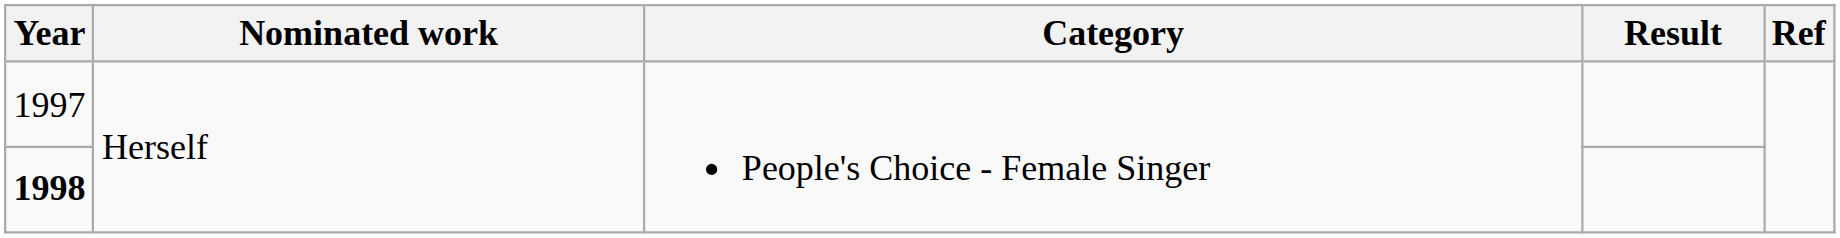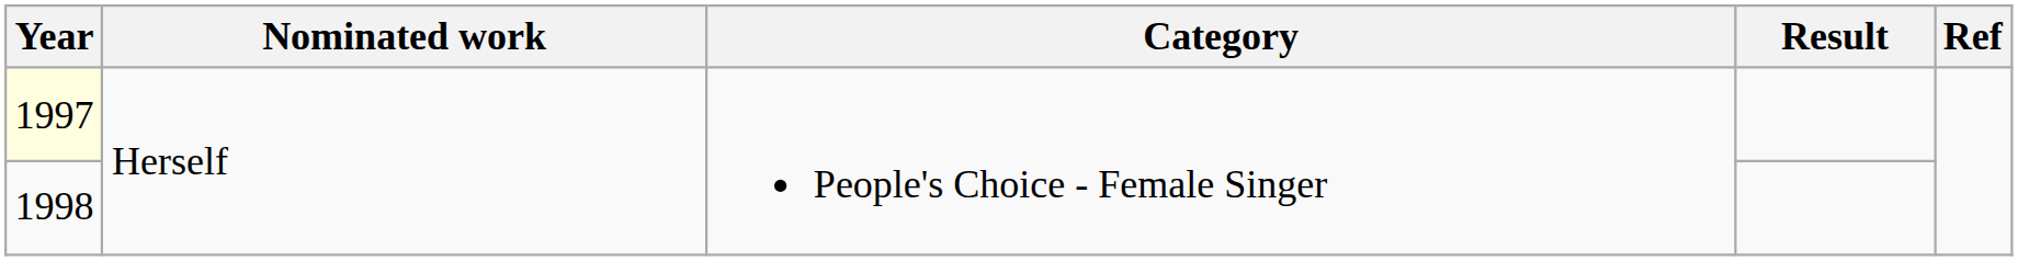 <table class="wikitable">
 <tr>
 <th style="width:10px;">Year</th>
 <th style="width:237px;">Nominated work</th>
 <th style="width:410px;">Category</th>
 <th style="width:73px;">Result</th>
 <th>Ref</th>
 </tr>
 <tr>
-<td>1997</td>
+<td style="background: lightyellow;">1997</td>
 <td rowspan=2>Herself</td>
 <td rowspan=2><br><ul><li>People's Choice - Female Singer</li></ul></td>
 <td></td>
 <td rowspan=2 style="text-align:center;"></td>
 </tr>
 <tr>
-<td><strong>1998</strong></td>
+<td>1998</td>
 <td></td>
 </tr>
 </table>
